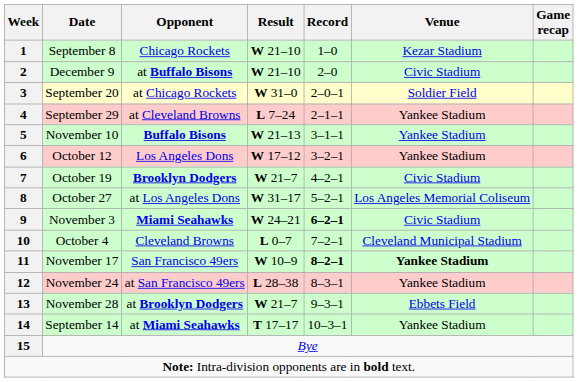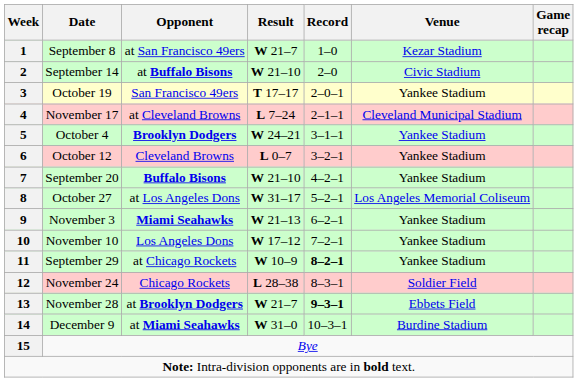 <table class="wikitable" style="text-align:center">
 <tr>
 <th>Week</th>
 <th>Date</th>
 <th>Opponent</th>
 <th>Result</th>
 <th>Record</th>
 <th>Venue</th>
 <th>Game<br>recap</th>
 </tr>
 <tr style="background: #cfc;">
 <th>1</th>
 <td>September 8</td>
-<td><a href='#'>Chicago Rockets</a></td>
-<td><strong>W</strong> 21–10</td>
+<td>at <a href='#'>San Francisco 49ers</a></td>
+<td><strong>W</strong> 21–7</td>
 <td>1–0</td>
 <td><a href='#'>Kezar Stadium</a></td>
 <td></td>
 </tr>
 <tr style="background: #cfc;">
 <th>2</th>
-<td>December 9</td>
+<td>September 14</td>
 <td>at <strong><a href='#'>Buffalo Bisons</a></strong></td>
 <td><strong>W</strong> 21–10</td>
 <td>2–0</td>
 <td><a href='#'>Civic Stadium</a></td>
 <td></td>
 </tr>
 <tr style="background: #ffc;">
 <th>3</th>
-<td>September 20</td>
-<td>at <a href='#'>Chicago Rockets</a></td>
-<td><strong>W</strong> 31–0</td>
+<td>October 19</td>
+<td><a href='#'>San Francisco 49ers</a></td>
+<td><strong>T</strong> 17–17</td>
 <td>2–0–1</td>
-<td><a href='#'>Soldier Field</a></td>
+<td>Yankee Stadium</td>
 <td></td>
 </tr>
 <tr style="background: #fcc;">
 <th>4</th>
-<td>September 29</td>
+<td>November 17</td>
 <td>at <a href='#'>Cleveland Browns</a></td>
 <td><strong>L</strong> 7–24</td>
 <td>2–1–1</td>
-<td>Yankee Stadium</td>
+<td><a href='#'>Cleveland Municipal Stadium</a></td>
 <td></td>
 </tr>
 <tr style="background: #cfc;">
 <th>5</th>
-<td>November 10</td>
-<td><strong><a href='#'>Buffalo Bisons</a></strong></td>
-<td><strong>W</strong> 21–13</td>
+<td>October 4</td>
+<td><strong><a href='#'>Brooklyn Dodgers</a></strong></td>
+<td><strong>W</strong> 24–21</td>
 <td>3–1–1</td>
 <td><a href='#'>Yankee Stadium</a></td>
 <td></td>
 </tr>
 <tr style="background: #fcc;">
 <th>6</th>
 <td>October 12</td>
-<td><a href='#'>Los Angeles Dons</a></td>
-<td><strong>W</strong> 17–12</td>
+<td><a href='#'>Cleveland Browns</a></td>
+<td><strong>L</strong> 0–7</td>
 <td>3–2–1</td>
 <td>Yankee Stadium</td>
 <td></td>
 </tr>
 <tr style="background: #cfc;">
 <th>7</th>
-<td>October 19</td>
-<td><strong><a href='#'>Brooklyn Dodgers</a></strong></td>
-<td><strong>W</strong> 21–7</td>
+<td>September 20</td>
+<td><strong><a href='#'>Buffalo Bisons</a></strong></td>
+<td><strong>W</strong> 21–10</td>
 <td>4–2–1</td>
-<td><a href='#'>Civic Stadium</a></td>
+<td>Yankee Stadium</td>
 <td></td>
 </tr>
 <tr style="background: #cfc;">
 <th>8</th>
 <td>October 27</td>
 <td>at <a href='#'>Los Angeles Dons</a></td>
 <td><strong>W</strong> 31–17</td>
 <td>5–2–1</td>
 <td><a href='#'>Los Angeles Memorial Coliseum</a></td>
 <td></td>
 </tr>
 <tr style="background: #cfc;">
 <th>9</th>
 <td>November 3</td>
 <td><strong><a href='#'>Miami Seahawks</a></strong></td>
-<td><strong>W</strong> 24–21</td>
-<td><strong>6–2–1</strong></td>
-<td><a href='#'>Civic Stadium</a></td>
+<td><strong>W</strong> 21–13</td>
+<td>6–2–1</td>
+<td>Yankee Stadium</td>
 <td></td>
 </tr>
 <tr style="background: #cfc;">
 <th>10</th>
-<td>October 4</td>
-<td><a href='#'>Cleveland Browns</a></td>
-<td><strong>L</strong> 0–7</td>
+<td>November 10</td>
+<td><a href='#'>Los Angeles Dons</a></td>
+<td><strong>W</strong> 17–12</td>
 <td>7–2–1</td>
-<td><a href='#'>Cleveland Municipal Stadium</a></td>
+<td>Yankee Stadium</td>
 <td></td>
 </tr>
 <tr style="background: #cfc;">
 <th>11</th>
-<td>November 17</td>
-<td><a href='#'>San Francisco 49ers</a></td>
+<td>September 29</td>
+<td>at <a href='#'>Chicago Rockets</a></td>
 <td><strong>W</strong> 10–9</td>
 <td><strong>8–2–1</strong></td>
-<td><strong>Yankee Stadium</strong></td>
+<td>Yankee Stadium</td>
 <td></td>
 </tr>
 <tr style="background: #fcc;">
 <th>12</th>
 <td>November 24</td>
-<td>at <a href='#'>San Francisco 49ers</a></td>
+<td><a href='#'>Chicago Rockets</a></td>
 <td><strong>L</strong> 28–38</td>
 <td>8–3–1</td>
-<td>Yankee Stadium</td>
+<td><a href='#'>Soldier Field</a></td>
 <td></td>
 </tr>
 <tr style="background: #cfc;">
 <th>13</th>
 <td>November 28</td>
 <td>at <strong><a href='#'>Brooklyn Dodgers</a></strong></td>
 <td><strong>W</strong> 21–7</td>
-<td>9–3–1</td>
+<td><strong>9–3–1</strong></td>
 <td><a href='#'>Ebbets Field</a></td>
 <td></td>
 </tr>
 <tr style="background: #cfc;">
 <th>14</th>
-<td>September 14</td>
+<td>December 9</td>
 <td>at <strong><a href='#'>Miami Seahawks</a></strong></td>
-<td><strong>T</strong> 17–17</td>
+<td><strong>W</strong> 31–0</td>
 <td>10–3–1</td>
-<td>Yankee Stadium</td>
+<td><a href='#'>Burdine Stadium</a></td>
 <td></td>
 </tr>
 <tr>
 <th>15</th>
 <td colspan="6"><em><a href='#'>Bye</a></em></td>
 </tr>
 <tr>
 <td colspan="8"><strong>Note:</strong> Intra-division opponents are in <strong>bold</strong> text.</td>
 </tr>
 </table>
